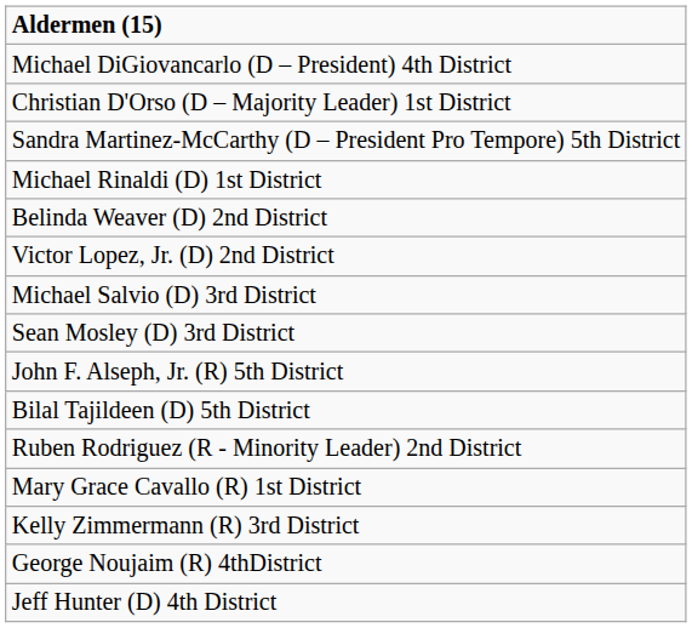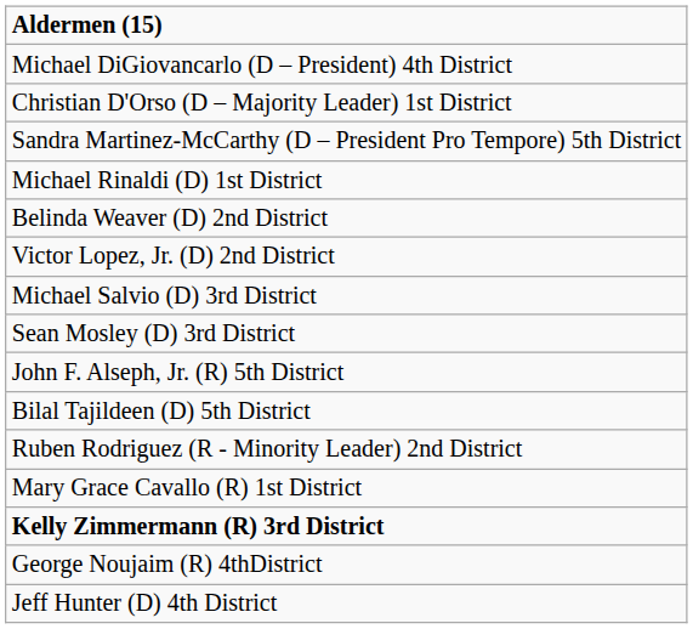 <table class="wikitable" style="float:right; margin:10px;">
 <tr>
 <td><strong>Aldermen (15)</strong></td>
 </tr>
 <tr>
 <td>Michael DiGiovancarlo (D – President) 4th District</td>
 </tr>
 <tr>
 <td>Christian D'Orso (D – Majority Leader) 1st District</td>
 </tr>
 <tr>
 <td>Sandra Martinez-McCarthy (D – President Pro Tempore) 5th District</td>
 </tr>
 <tr>
 <td>Michael Rinaldi (D) 1st District</td>
 </tr>
 <tr>
 <td>Belinda Weaver (D) 2nd District</td>
 </tr>
 <tr>
 <td>Victor Lopez, Jr. (D) 2nd District</td>
 </tr>
 <tr>
 <td>Michael Salvio (D) 3rd District</td>
 </tr>
 <tr>
 <td>Sean Mosley (D) 3rd District</td>
 </tr>
 <tr>
 <td>John F. Alseph, Jr. (R) 5th District</td>
 </tr>
 <tr>
 <td>Bilal Tajildeen (D) 5th District</td>
 </tr>
 <tr>
 <td>Ruben Rodriguez (R - Minority Leader) 2nd District</td>
 </tr>
 <tr>
 <td>Mary Grace Cavallo (R) 1st District</td>
 </tr>
 <tr>
-<td>Kelly Zimmermann (R) 3rd District</td>
+<td><strong>Kelly Zimmermann (R) 3rd District</strong></td>
 </tr>
 <tr>
 <td>George Noujaim (R) 4thDistrict</td>
 </tr>
 <tr>
 <td>Jeff Hunter (D) 4th District</td>
 </tr>
 </table>
